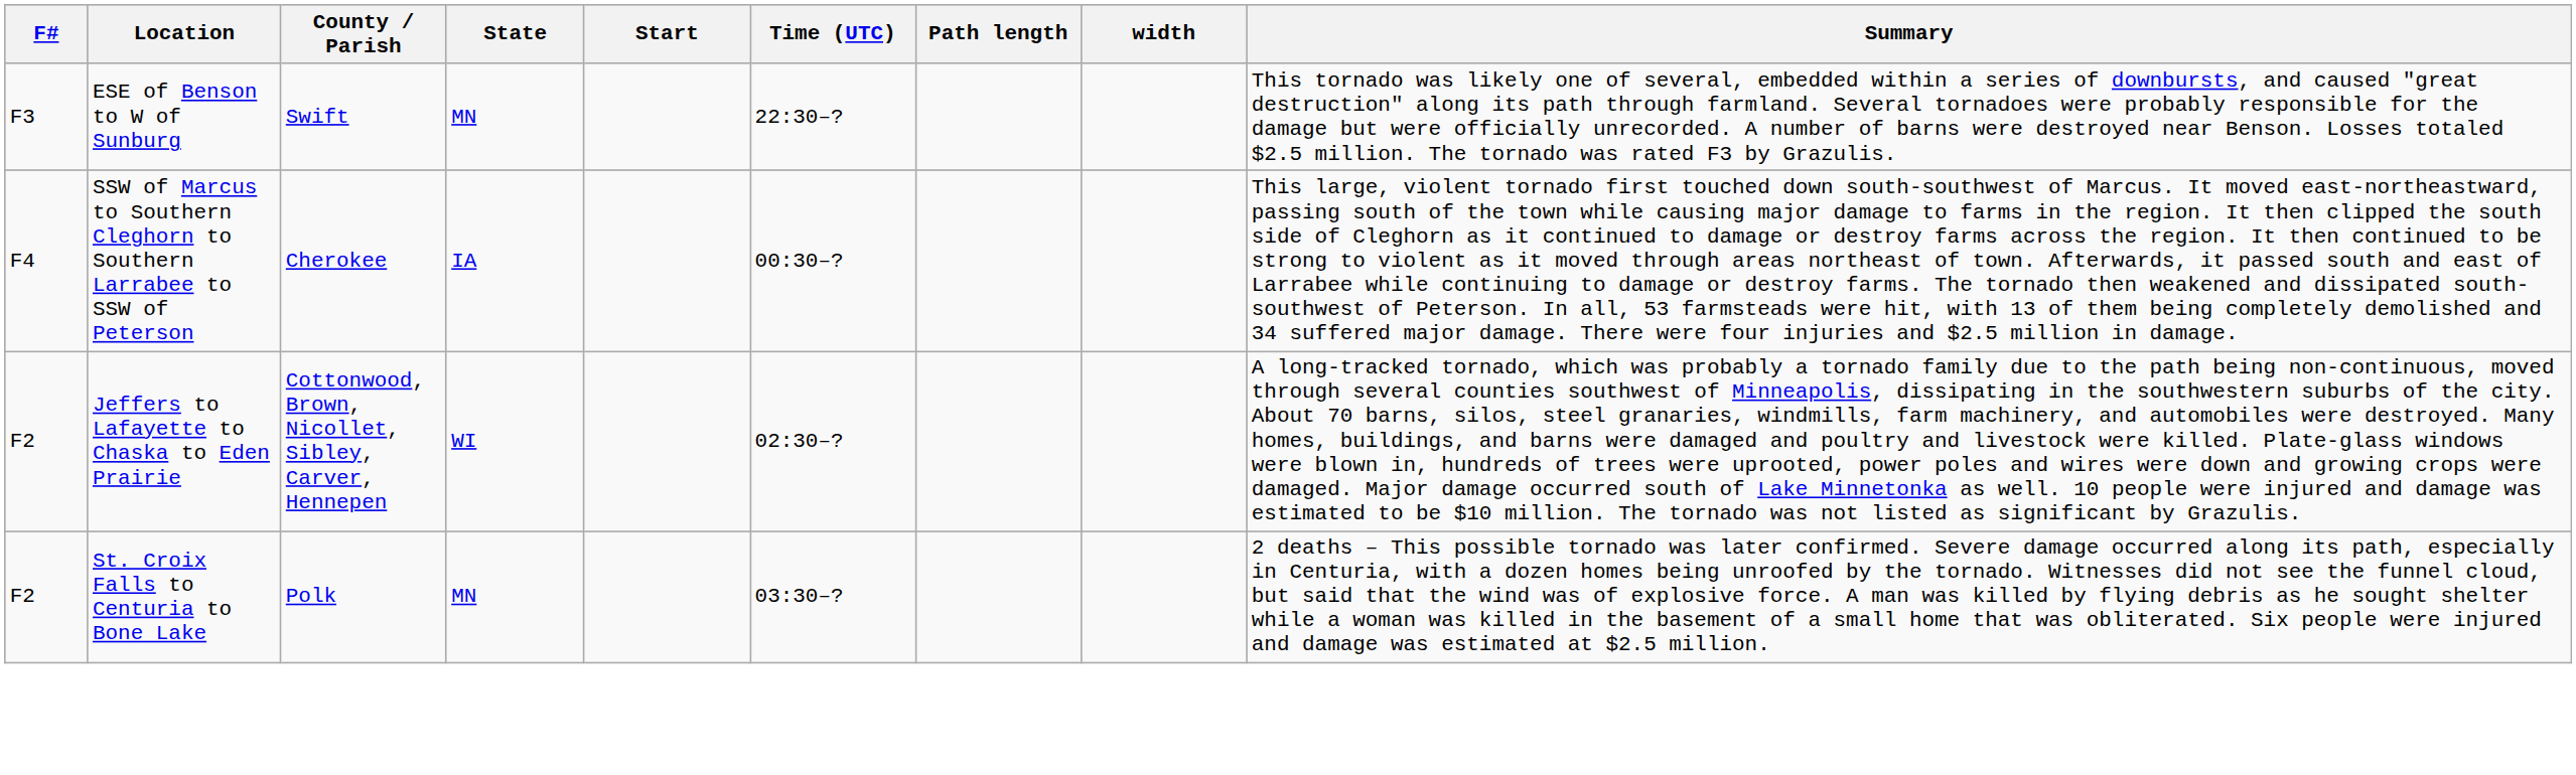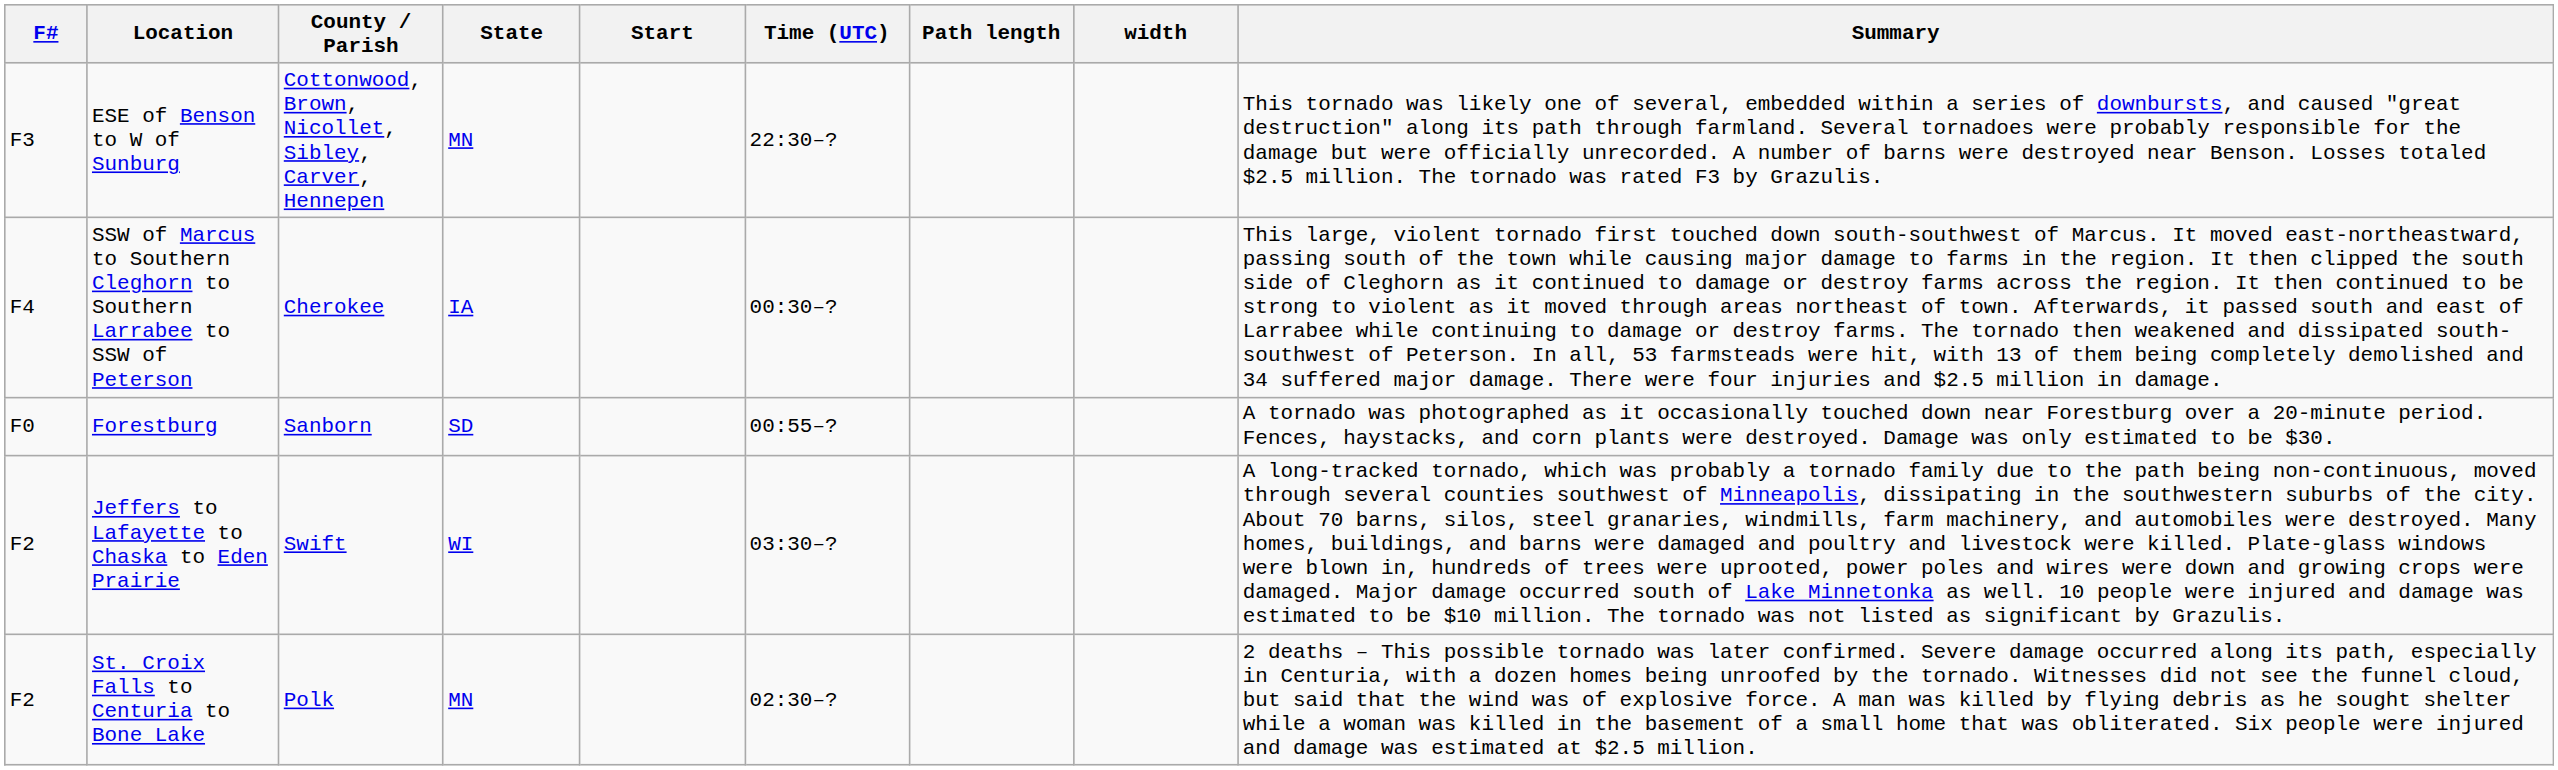 <table class="wikitable sortable" style="width:100%;">
 <tr>
 <th scope="col"  style="width:3%; text-align:center;"><a href='#'>F#</a></th>
 <th scope="col"  style="width:7%; text-align:center;" class="unsortable">Location</th>
 <th scope="col"  style="width:6%; text-align:center;" class="unsortable">County / Parish</th>
 <th scope="col"  style="width:5%; text-align:center;">State</th>
 <th scope="col"  style="width:6%; text-align:center;">Start<br></th>
 <th scope="col"  style="width:6%; text-align:center;">Time (<a href='#'>UTC</a>)</th>
 <th scope="col"  style="width:6%; text-align:center;">Path length</th>
 <th scope="col"  style="width:6%; text-align:center;"> width</th>
 <th scope="col" class="unsortable" style="width:48%; text-align:center;">Summary</th>
 </tr>
 <tr>
 <td>F3</td>
 <td>ESE of <a href='#'>Benson</a> to W of <a href='#'>Sunburg</a></td>
-<td><a href='#'>Swift</a></td>
+<td><a href='#'>Cottonwood</a>, <a href='#'>Brown</a>, <a href='#'>Nicollet</a>, <a href='#'>Sibley</a>, <a href='#'>Carver</a>, <a href='#'>Hennepen</a></td>
 <td><a href='#'>MN</a></td>
 <td></td>
 <td>22:30–?</td>
 <td></td>
 <td></td>
 <td>This tornado was likely one of several, embedded within a  series of <a href='#'>downbursts</a>, and caused "great destruction" along its path through farmland. Several tornadoes were probably responsible for the damage but were officially unrecorded. A number of barns were destroyed near Benson. Losses totaled $2.5 million. The tornado was rated F3 by Grazulis.</td>
 </tr>
 <tr>
 <td>F4</td>
 <td>SSW of <a href='#'>Marcus</a> to Southern <a href='#'>Cleghorn</a> to Southern <a href='#'>Larrabee</a> to SSW of <a href='#'>Peterson</a></td>
 <td><a href='#'>Cherokee</a></td>
 <td><a href='#'>IA</a></td>
 <td></td>
 <td>00:30–?</td>
 <td></td>
 <td></td>
 <td>This large, violent tornado first touched down south-southwest of Marcus. It moved east-northeastward, passing  south of the town while causing major damage to farms in the region. It then clipped the south side of Cleghorn as it continued to damage or destroy farms across the region. It then continued to be strong to violent as it moved through areas northeast of town. Afterwards, it passed  south and east of Larrabee while continuing to damage or destroy farms. The tornado then weakened and dissipated south-southwest of Peterson. In all, 53 farmsteads were hit, with 13 of them being completely demolished and 34 suffered major damage. There were four injuries and $2.5 million in damage.</td>
 </tr>
 <tr>
+<td>F0</td>
+<td><a href='#'>Forestburg</a></td>
+<td><a href='#'>Sanborn</a></td>
+<td><a href='#'>SD</a></td>
+<td></td>
+<td>00:55–?</td>
+<td></td>
+<td></td>
+<td>A tornado was photographed as it occasionally touched down near Forestburg over a 20-minute period. Fences, haystacks, and corn plants were destroyed. Damage was only estimated to be $30.</td>
+</tr>
+<tr>
 <td>F2</td>
 <td><a href='#'>Jeffers</a> to <a href='#'>Lafayette</a> to <a href='#'>Chaska</a> to <a href='#'>Eden Prairie</a></td>
-<td><a href='#'>Cottonwood</a>, <a href='#'>Brown</a>, <a href='#'>Nicollet</a>, <a href='#'>Sibley</a>, <a href='#'>Carver</a>, <a href='#'>Hennepen</a></td>
+<td><a href='#'>Swift</a></td>
 <td><a href='#'>WI</a></td>
 <td></td>
-<td>02:30–?</td>
+<td>03:30–?</td>
 <td></td>
 <td></td>
 <td>A long-tracked tornado, which was probably a tornado family due to the path being non-continuous, moved through several counties southwest of <a href='#'>Minneapolis</a>, dissipating in the southwestern suburbs of the city. About 70 barns, silos, steel granaries, windmills, farm machinery, and automobiles were destroyed. Many homes, buildings, and barns were damaged and poultry and livestock were killed. Plate-glass windows were blown in, hundreds of trees were uprooted, power poles and wires were down and growing crops were damaged. Major damage occurred south of <a href='#'>Lake Minnetonka</a> as well. 10 people were injured and damage was estimated to be $10 million. The tornado was not listed as significant by Grazulis.</td>
 </tr>
 <tr>
 <td>F2</td>
 <td><a href='#'>St. Croix Falls</a> to <a href='#'>Centuria</a> to <a href='#'>Bone Lake</a></td>
 <td><a href='#'>Polk</a></td>
 <td><a href='#'>MN</a></td>
 <td></td>
-<td>03:30–?</td>
+<td>02:30–?</td>
 <td></td>
 <td></td>
 <td>2 deaths – This possible tornado was later confirmed. Severe damage occurred along its path, especially in Centuria, with a dozen homes being unroofed by the tornado. Witnesses did not see the funnel cloud, but said that the wind was of explosive force. A man was killed by flying debris as he sought shelter while a woman was killed in the basement of a small home that was obliterated. Six people were injured and damage was estimated at $2.5 million.</td>
 </tr>
 </table>
